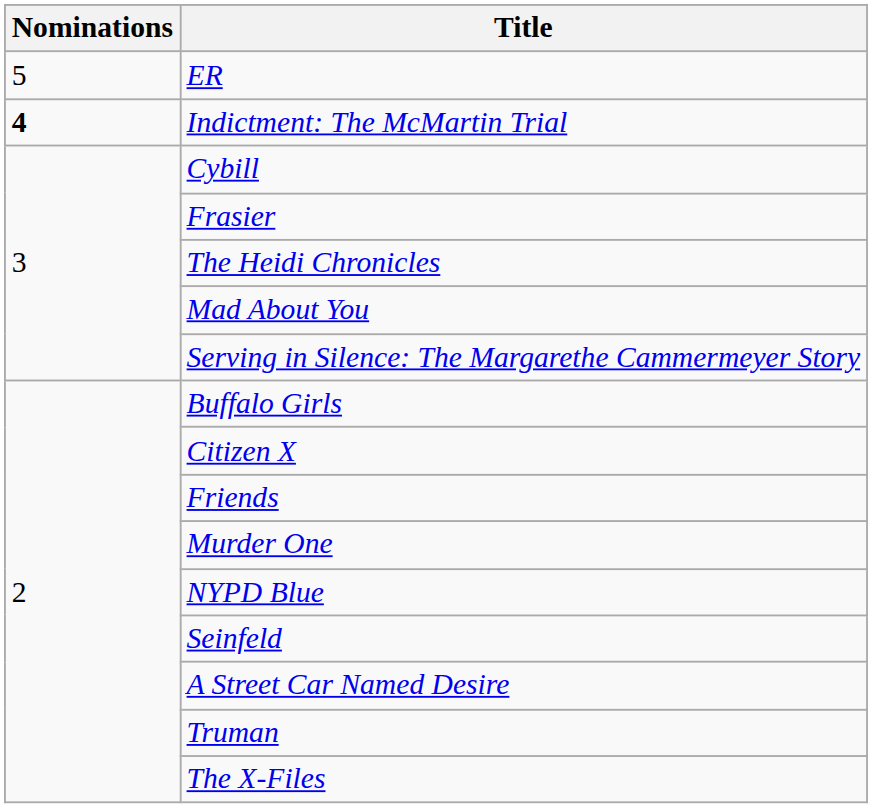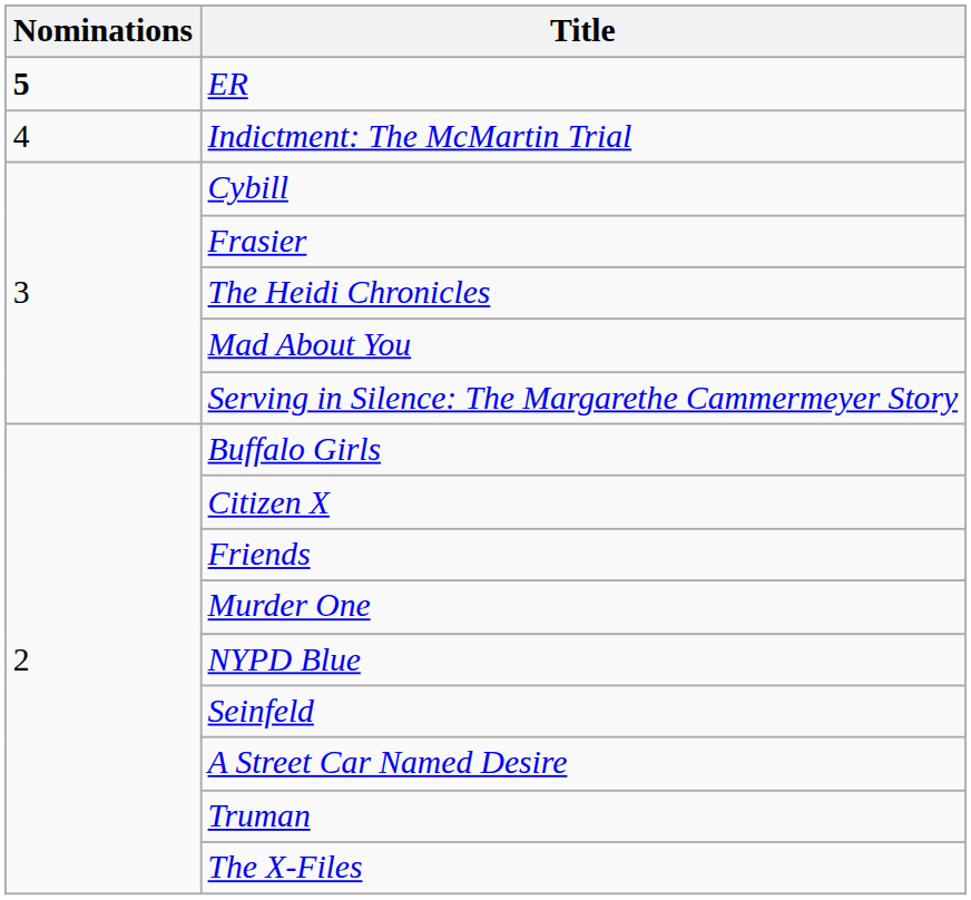 <table class="wikitable">
 <tr>
 <th>Nominations</th>
 <th>Title</th>
 </tr>
 <tr>
-<td>5</td>
+<td><strong>5</strong></td>
 <td><em><a href='#'>ER</a></em></td>
 </tr>
 <tr>
-<td><strong>4</strong></td>
+<td>4</td>
 <td><em><a href='#'>Indictment: The McMartin Trial</a></em></td>
 </tr>
 <tr>
 <td rowspan="5">3</td>
 <td><em><a href='#'>Cybill</a></em></td>
 </tr>
 <tr>
 <td><em><a href='#'>Frasier</a></em></td>
 </tr>
 <tr>
 <td><em><a href='#'>The Heidi Chronicles</a></em></td>
 </tr>
 <tr>
 <td><em><a href='#'>Mad About You</a></em></td>
 </tr>
 <tr>
 <td><em><a href='#'>Serving in Silence: The Margarethe Cammermeyer Story</a></em></td>
 </tr>
 <tr>
 <td rowspan="9">2</td>
 <td><em><a href='#'>Buffalo Girls</a></em></td>
 </tr>
 <tr>
 <td><em><a href='#'>Citizen X</a></em></td>
 </tr>
 <tr>
 <td><em><a href='#'>Friends</a></em></td>
 </tr>
 <tr>
 <td><em><a href='#'>Murder One</a></em></td>
 </tr>
 <tr>
 <td><em><a href='#'>NYPD Blue</a></em></td>
 </tr>
 <tr>
 <td><em><a href='#'>Seinfeld</a></em></td>
 </tr>
 <tr>
 <td><em><a href='#'>A Street Car Named Desire</a></em></td>
 </tr>
 <tr>
 <td><em><a href='#'>Truman</a></em></td>
 </tr>
 <tr>
 <td><em><a href='#'>The X-Files</a></em></td>
 </tr>
 </table>
